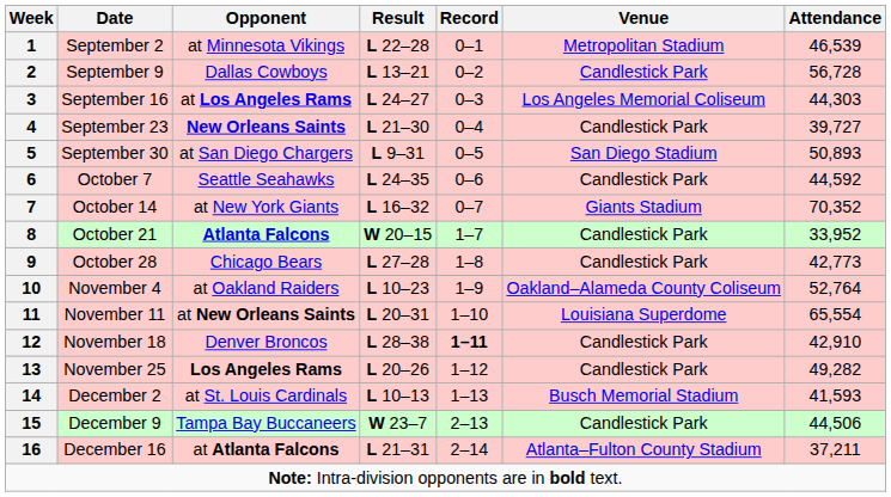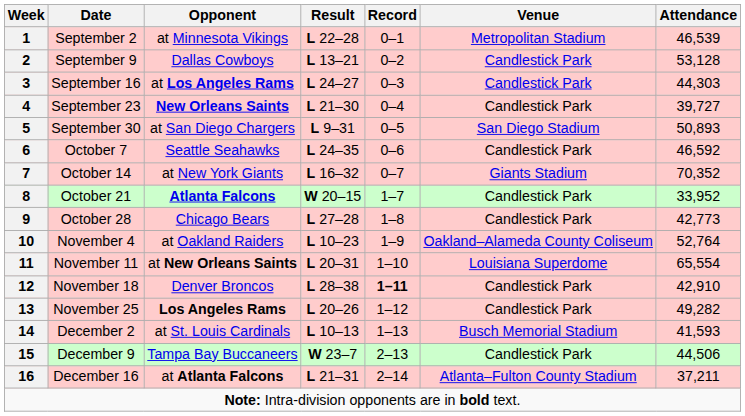 <table class="wikitable" style="text-align:center">
 <tr>
 <th>Week</th>
 <th>Date</th>
 <th>Opponent</th>
 <th>Result</th>
 <th>Record</th>
 <th>Venue</th>
 <th>Attendance</th>
 </tr>
 <tr style="background:#fcc">
 <th>1</th>
 <td>September 2</td>
 <td>at <a href='#'>Minnesota Vikings</a></td>
 <td><strong>L</strong> 22–28</td>
 <td>0–1</td>
 <td><a href='#'>Metropolitan Stadium</a></td>
 <td>46,539</td>
 </tr>
 <tr style="background:#fcc">
 <th>2</th>
 <td>September 9</td>
 <td><a href='#'>Dallas Cowboys</a></td>
 <td><strong>L</strong> 13–21</td>
 <td>0–2</td>
 <td><a href='#'>Candlestick Park</a></td>
-<td>56,728</td>
+<td>53,128</td>
 </tr>
 <tr style="background:#fcc">
 <th>3</th>
 <td>September 16</td>
 <td>at <strong><a href='#'>Los Angeles Rams</a></strong></td>
 <td><strong>L</strong> 24–27</td>
 <td>0–3</td>
-<td><a href='#'>Los Angeles Memorial Coliseum</a></td>
+<td><a href='#'>Candlestick Park</a></td>
 <td>44,303</td>
 </tr>
 <tr style="background:#fcc">
 <th>4</th>
 <td>September 23</td>
 <td><strong><a href='#'>New Orleans Saints</a></strong></td>
 <td><strong>L</strong> 21–30</td>
 <td>0–4</td>
 <td>Candlestick Park</td>
 <td>39,727</td>
 </tr>
 <tr style="background:#fcc">
 <th>5</th>
 <td>September 30</td>
 <td>at <a href='#'>San Diego Chargers</a></td>
 <td><strong>L</strong> 9–31</td>
 <td>0–5</td>
 <td><a href='#'>San Diego Stadium</a></td>
 <td>50,893</td>
 </tr>
 <tr style="background:#fcc">
 <th>6</th>
 <td>October 7</td>
 <td><a href='#'>Seattle Seahawks</a></td>
 <td><strong>L</strong> 24–35</td>
 <td>0–6</td>
 <td>Candlestick Park</td>
-<td>44,592</td>
+<td>46,592</td>
 </tr>
 <tr style="background:#fcc">
 <th>7</th>
 <td>October 14</td>
 <td>at <a href='#'>New York Giants</a></td>
 <td><strong>L</strong> 16–32</td>
 <td>0–7</td>
 <td><a href='#'>Giants Stadium</a></td>
 <td>70,352</td>
 </tr>
 <tr style="background:#cfc">
 <th>8</th>
 <td>October 21</td>
 <td><strong><a href='#'>Atlanta Falcons</a></strong></td>
 <td><strong>W</strong> 20–15</td>
 <td>1–7</td>
 <td>Candlestick Park</td>
 <td>33,952</td>
 </tr>
 <tr style="background:#fcc">
 <th>9</th>
 <td>October 28</td>
 <td><a href='#'>Chicago Bears</a></td>
 <td><strong>L</strong> 27–28</td>
 <td>1–8</td>
 <td>Candlestick Park</td>
 <td>42,773</td>
 </tr>
 <tr style="background:#fcc">
 <th>10</th>
 <td>November 4</td>
 <td>at <a href='#'>Oakland Raiders</a></td>
 <td><strong>L</strong> 10–23</td>
 <td>1–9</td>
 <td><a href='#'>Oakland–Alameda County Coliseum</a></td>
 <td>52,764</td>
 </tr>
 <tr style="background:#fcc">
 <th>11</th>
 <td>November 11</td>
 <td>at <strong>New Orleans Saints</strong></td>
 <td><strong>L</strong> 20–31</td>
 <td>1–10</td>
 <td><a href='#'>Louisiana Superdome</a></td>
 <td>65,554</td>
 </tr>
 <tr style="background:#fcc">
 <th>12</th>
 <td>November 18</td>
 <td><a href='#'>Denver Broncos</a></td>
 <td><strong>L</strong> 28–38</td>
 <td><strong>1–11</strong></td>
 <td>Candlestick Park</td>
 <td>42,910</td>
 </tr>
 <tr style="background:#fcc">
 <th>13</th>
 <td>November 25</td>
 <td><strong>Los Angeles Rams</strong></td>
 <td><strong>L</strong> 20–26</td>
 <td>1–12</td>
 <td>Candlestick Park</td>
 <td>49,282</td>
 </tr>
 <tr style="background:#fcc">
 <th>14</th>
 <td>December 2</td>
 <td>at <a href='#'>St. Louis Cardinals</a></td>
 <td><strong>L</strong> 10–13</td>
 <td>1–13</td>
 <td><a href='#'>Busch Memorial Stadium</a></td>
 <td>41,593</td>
 </tr>
 <tr style="background:#cfc">
 <th>15</th>
 <td>December 9</td>
 <td><a href='#'>Tampa Bay Buccaneers</a></td>
 <td><strong>W</strong> 23–7</td>
 <td>2–13</td>
 <td>Candlestick Park</td>
 <td>44,506</td>
 </tr>
 <tr style="background:#fcc">
 <th>16</th>
 <td>December 16</td>
 <td>at <strong>Atlanta Falcons</strong></td>
 <td><strong>L</strong> 21–31</td>
 <td>2–14</td>
 <td><a href='#'>Atlanta–Fulton County Stadium</a></td>
 <td>37,211</td>
 </tr>
 <tr>
 <td colspan="8"><strong>Note:</strong> Intra-division opponents are in <strong>bold</strong> text.</td>
 </tr>
 </table>
